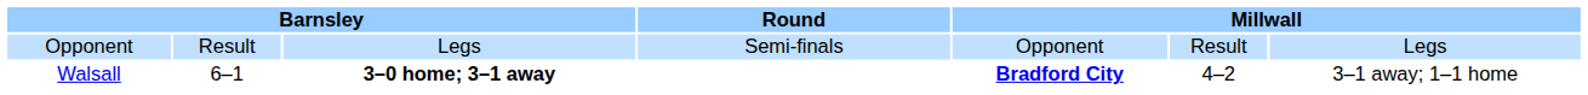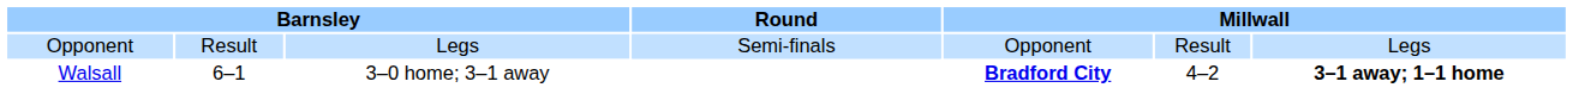 <table width="100%" bgcolor=white>
 <tr valign=top bgcolor=#99ccff>
 <th colspan=3 style="width:40%"><strong>Barnsley</strong></th>
 <th style="width:20%"><strong>Round</strong></th>
 <th colspan=3 style="width:40%"><strong> Millwall</strong></th>
 </tr>
 <tr valign=top align="center" bgcolor=#c1e0ff>
 <td>Opponent</td>
 <td>Result</td>
 <td>Legs</td>
 <td bgcolor=#c1e0ff>Semi-finals</td>
 <td>Opponent</td>
 <td>Result</td>
 <td>Legs</td>
 </tr>
 <tr align="center">
 <td><a href='#'>Walsall</a></td>
 <td>6–1</td>
-<td><strong>3–0 home; 3–1 away</strong></td>
+<td>3–0 home; 3–1 away</td>
 <td></td>
 <td><strong><a href='#'>Bradford City</a></strong></td>
 <td>4–2</td>
-<td>3–1 away; 1–1 home</td>
+<td><strong>3–1 away; 1–1 home</strong></td>
 </tr>
 </table>
